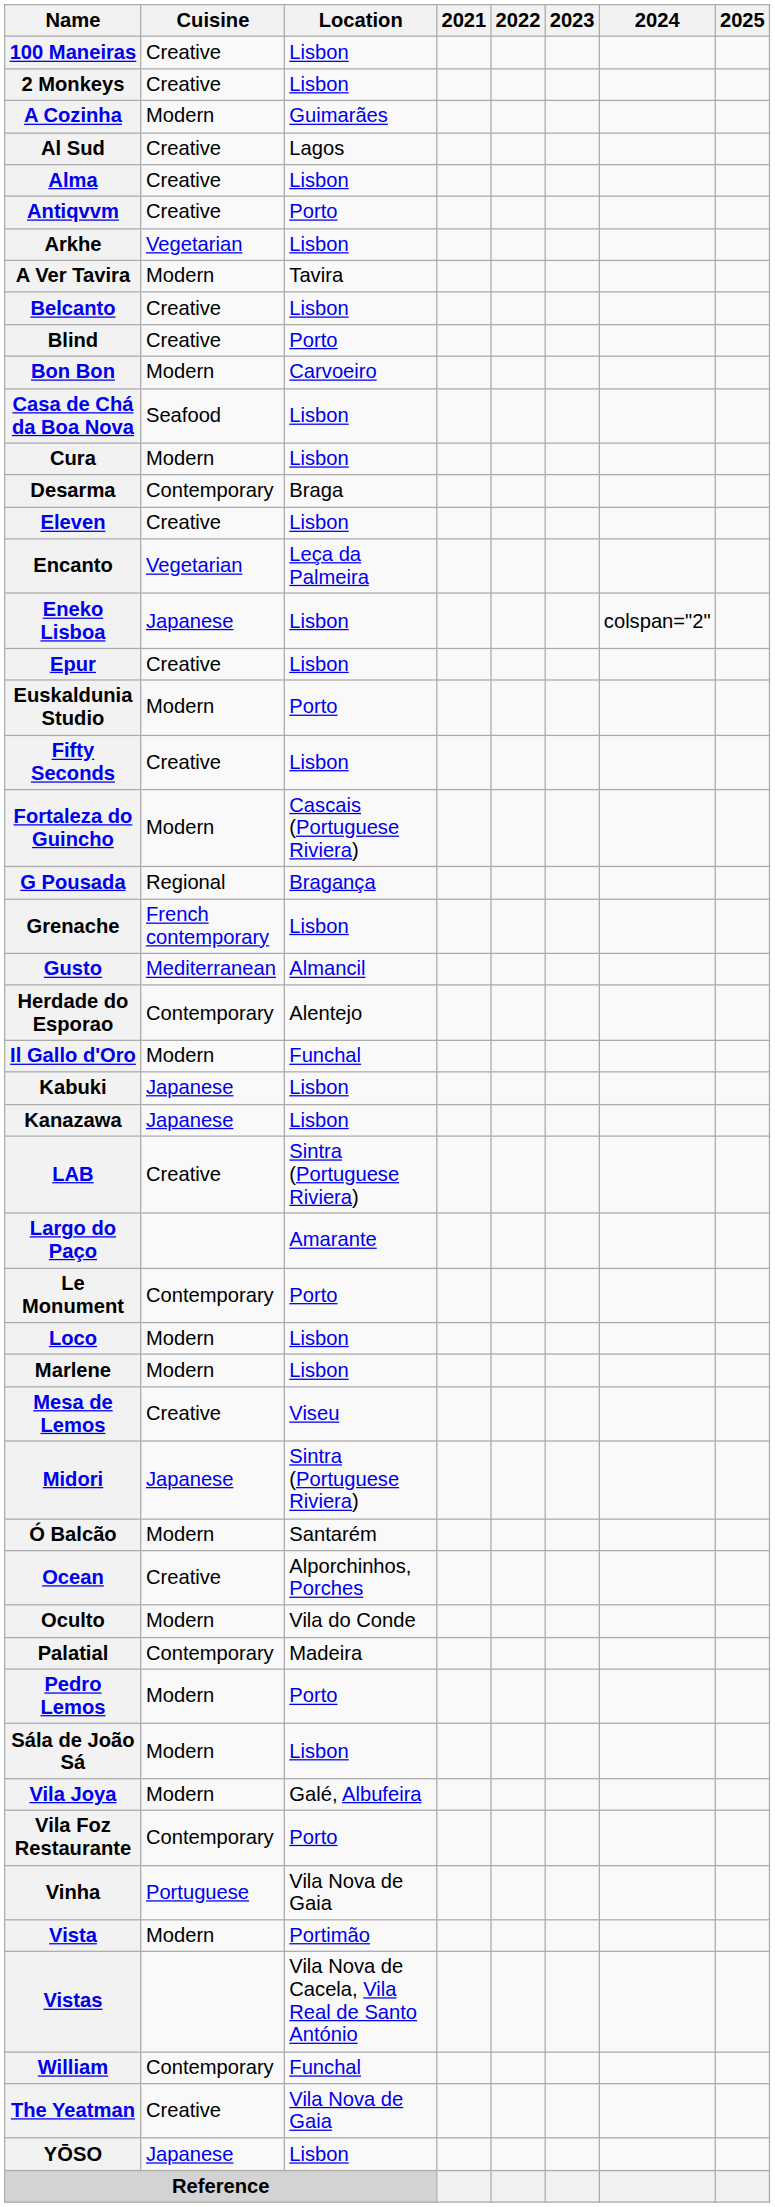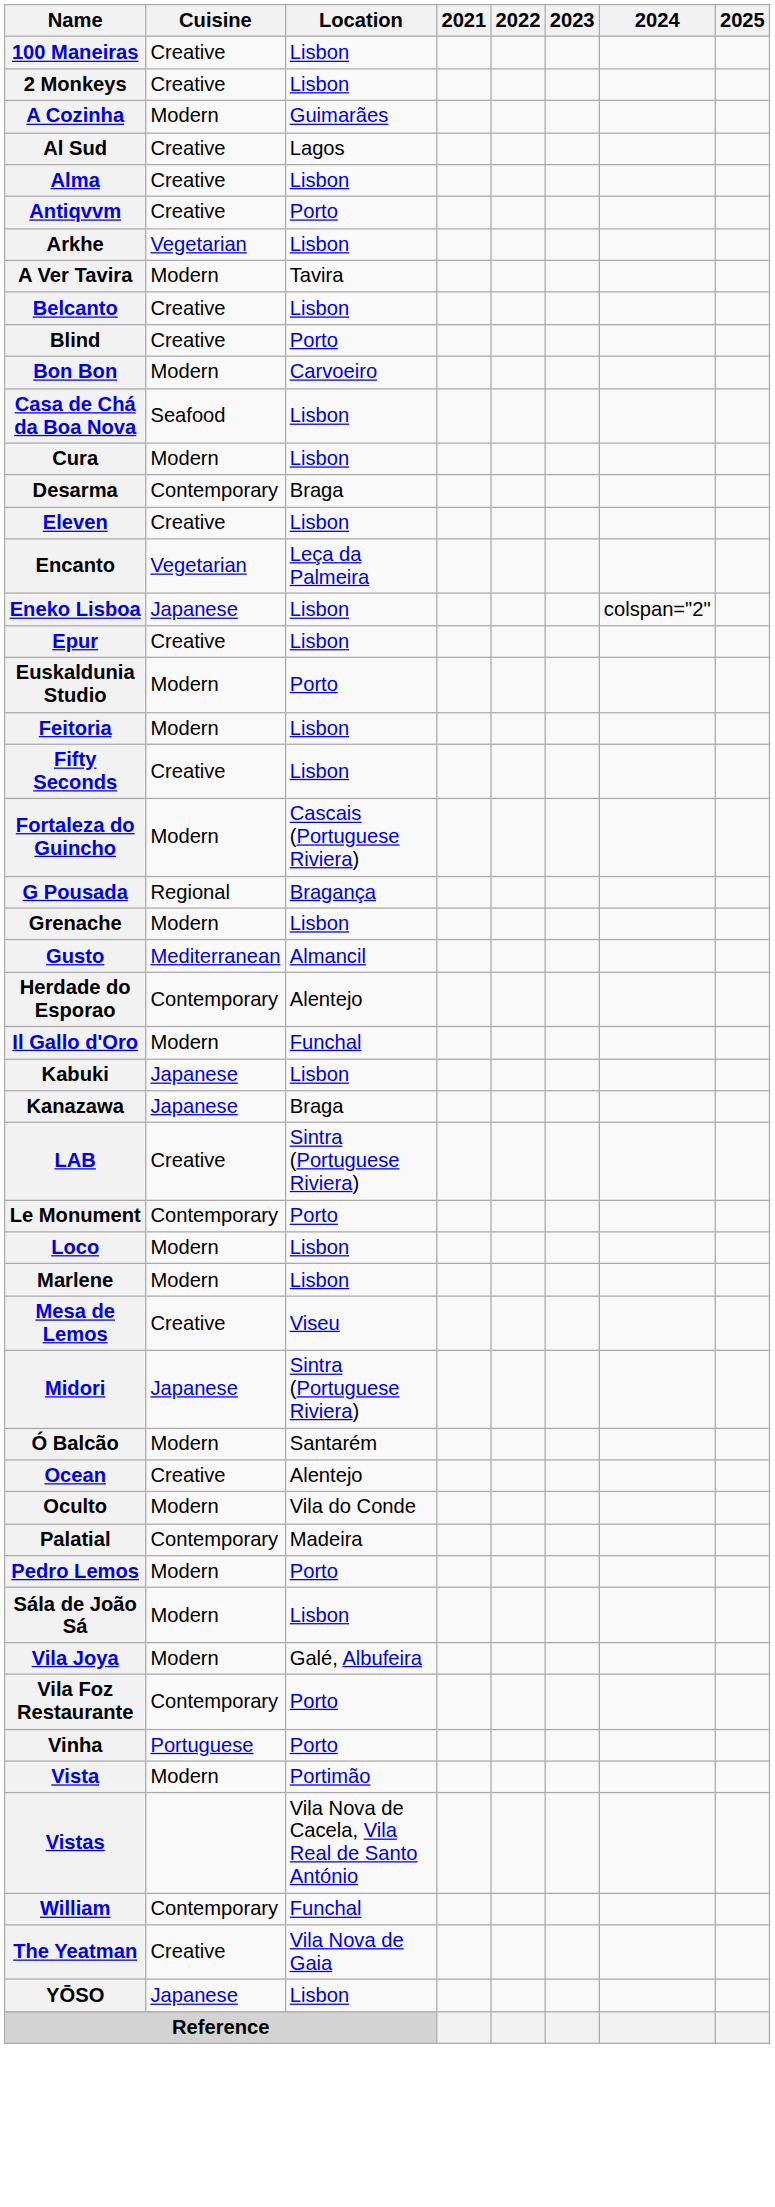 <table class="wikitable sortable plainrowheaders" style="text-align:left;"">
 <tr>
 <th scope="col">Name</th>
 <th scope="col">Cuisine</th>
 <th scope="col">Location</th>
 <th scope="col">2021</th>
 <th scope="col">2022</th>
 <th scope="col">2023</th>
 <th scope="col">2024</th>
 <th scope="col">2025</th>
 </tr>
 <tr>
 <th scope="row"><a href='#'>100 Maneiras</a></th>
 <td>Creative</td>
 <td><a href='#'>Lisbon</a></td>
 <td></td>
 <td></td>
 <td></td>
 <td></td>
 <td></td>
 </tr>
 <tr>
 <th scope="row">2 Monkeys</th>
 <td>Creative</td>
 <td><a href='#'>Lisbon</a></td>
 <td></td>
 <td></td>
 <td></td>
 <td></td>
 <td></td>
 </tr>
 <tr>
 <th scope="row"><a href='#'>A Cozinha</a></th>
 <td>Modern</td>
 <td><a href='#'>Guimarães</a></td>
 <td></td>
 <td></td>
 <td></td>
 <td></td>
 <td></td>
 </tr>
 <tr>
 <th scope="row">Al Sud</th>
 <td>Creative</td>
 <td>Lagos</td>
 <td></td>
 <td></td>
 <td></td>
 <td></td>
 <td></td>
 </tr>
 <tr>
 <th scope="row"><a href='#'>Alma</a></th>
 <td>Creative</td>
 <td><a href='#'>Lisbon</a></td>
 <td></td>
 <td></td>
 <td></td>
 <td></td>
 <td></td>
 </tr>
 <tr>
 <th scope="row"><a href='#'>Antiqvvm</a></th>
 <td>Creative</td>
 <td><a href='#'>Porto</a></td>
 <td></td>
 <td></td>
 <td></td>
 <td></td>
 <td></td>
 </tr>
 <tr>
 <th scope="row">Arkhe</th>
 <td><a href='#'>Vegetarian</a></td>
 <td><a href='#'>Lisbon</a></td>
 <td></td>
 <td></td>
 <td></td>
 <td></td>
 <td></td>
 </tr>
 <tr>
 <th scope="row">A Ver Tavira</th>
 <td>Modern</td>
 <td>Tavira</td>
 <td></td>
 <td></td>
 <td></td>
 <td></td>
 <td></td>
 </tr>
 <tr>
 <th scope="row"><a href='#'>Belcanto</a></th>
 <td>Creative</td>
 <td><a href='#'>Lisbon</a></td>
 <td></td>
 <td></td>
 <td></td>
 <td></td>
 <td></td>
 </tr>
 <tr>
 <th scope="row">Blind</th>
 <td>Creative</td>
 <td><a href='#'>Porto</a></td>
 <td></td>
 <td></td>
 <td></td>
 <td></td>
 <td></td>
 </tr>
 <tr>
 <th scope="row"><a href='#'>Bon Bon</a></th>
 <td>Modern</td>
 <td><a href='#'> Carvoeiro</a></td>
 <td></td>
 <td></td>
 <td></td>
 <td></td>
 <td></td>
 </tr>
 <tr>
 <th scope="row"><a href='#'>Casa de Chá da Boa Nova</a></th>
 <td>Seafood</td>
 <td><a href='#'>Lisbon</a></td>
 <td></td>
 <td></td>
 <td></td>
 <td></td>
 <td></td>
 </tr>
 <tr>
 <th scope="row">Cura</th>
 <td>Modern</td>
 <td><a href='#'>Lisbon</a></td>
 <td></td>
 <td></td>
 <td></td>
 <td></td>
 <td></td>
 </tr>
 <tr>
 <th scope="row">Desarma</th>
 <td>Contemporary</td>
 <td>Braga</td>
 <td></td>
 <td></td>
 <td></td>
 <td></td>
 <td></td>
 </tr>
 <tr>
 <th scope="row"><a href='#'>Eleven</a></th>
 <td>Creative</td>
 <td><a href='#'>Lisbon</a></td>
 <td></td>
 <td></td>
 <td></td>
 <td></td>
 <td></td>
 </tr>
 <tr>
 <th scope="row">Encanto</th>
 <td><a href='#'>Vegetarian</a></td>
 <td><a href='#'>Leça da Palmeira</a></td>
 <td></td>
 <td></td>
 <td></td>
 <td></td>
 <td></td>
 </tr>
 <tr>
 <th scope="row"><a href='#'>Eneko Lisboa</a></th>
 <td><a href='#'>Japanese</a></td>
 <td><a href='#'>Lisbon</a></td>
 <td></td>
 <td></td>
 <td></td>
 <td>colspan="2" </td>
 </tr>
 <tr>
 <th scope="row"><a href='#'>Epur</a></th>
 <td>Creative</td>
 <td><a href='#'>Lisbon</a></td>
 <td></td>
 <td></td>
 <td></td>
 <td></td>
 <td></td>
 </tr>
 <tr>
 <th scope="row">Euskaldunia Studio</th>
 <td>Modern</td>
 <td><a href='#'>Porto</a></td>
 <td></td>
 <td></td>
 <td></td>
 <td></td>
 <td></td>
 </tr>
 <tr>
+<th scope="row"><a href='#'>Feitoria</a></th>
+<td>Modern</td>
+<td><a href='#'>Lisbon</a></td>
+<td></td>
+<td></td>
+<td></td>
+<td></td>
+<td></td>
+</tr>
+<tr>
 <th scope="row"><a href='#'>Fifty Seconds</a></th>
 <td>Creative</td>
 <td><a href='#'>Lisbon</a></td>
 <td></td>
 <td></td>
 <td></td>
 <td></td>
 <td></td>
 </tr>
 <tr>
 <th scope="row"><a href='#'>Fortaleza do Guincho</a></th>
 <td>Modern</td>
 <td><a href='#'>Cascais</a> (<a href='#'>Portuguese Riviera</a>)</td>
 <td></td>
 <td></td>
 <td></td>
 <td></td>
 <td></td>
 </tr>
 <tr>
 <th scope="row"><a href='#'>G Pousada</a></th>
 <td>Regional</td>
 <td><a href='#'>Bragança</a></td>
 <td></td>
 <td></td>
 <td></td>
 <td></td>
 <td></td>
 </tr>
 <tr>
 <th scope="row">Grenache</th>
-<td><a href='#'>French contemporary</a></td>
+<td>Modern</td>
 <td><a href='#'>Lisbon</a></td>
 <td></td>
 <td></td>
 <td></td>
 <td></td>
 <td></td>
 </tr>
 <tr>
 <th scope="row"><a href='#'>Gusto</a></th>
 <td><a href='#'>Mediterranean</a></td>
 <td><a href='#'>Almancil</a></td>
 <td></td>
 <td></td>
 <td></td>
 <td></td>
 <td></td>
 </tr>
 <tr>
 <th scope="row">Herdade do Esporao</th>
 <td>Contemporary</td>
 <td>Alentejo</td>
 <td></td>
 <td></td>
 <td></td>
 <td></td>
 <td></td>
 </tr>
 <tr>
 <th scope="row"><a href='#'>Il Gallo d'Oro</a></th>
 <td>Modern</td>
 <td><a href='#'>Funchal</a></td>
 <td></td>
 <td></td>
 <td></td>
 <td></td>
 <td></td>
 </tr>
 <tr>
 <th scope="row">Kabuki</th>
 <td><a href='#'>Japanese</a></td>
 <td><a href='#'>Lisbon</a></td>
 <td></td>
 <td></td>
 <td></td>
 <td></td>
 <td></td>
 </tr>
 <tr>
 <th scope="row">Kanazawa</th>
 <td><a href='#'>Japanese</a></td>
-<td><a href='#'>Lisbon</a></td>
+<td>Braga</td>
 <td></td>
 <td></td>
 <td></td>
 <td></td>
 <td></td>
 </tr>
 <tr>
 <th scope="row"><a href='#'>LAB</a></th>
 <td>Creative</td>
 <td><a href='#'>Sintra</a> (<a href='#'>Portuguese Riviera</a>)</td>
-<td></td>
-<td></td>
-<td></td>
-<td></td>
-<td></td>
-</tr>
-<tr>
-<th scope="row"><a href='#'>Largo do Paço</a></th>
-<td></td>
-<td><a href='#'>Amarante</a></td>
 <td></td>
 <td></td>
 <td></td>
 <td></td>
 <td></td>
 </tr>
 <tr>
 <th scope="row">Le Monument</th>
 <td>Contemporary</td>
 <td><a href='#'>Porto</a></td>
 <td></td>
 <td></td>
 <td></td>
 <td></td>
 <td></td>
 </tr>
 <tr>
 <th scope="row"><a href='#'>Loco</a></th>
 <td>Modern</td>
 <td><a href='#'>Lisbon</a></td>
 <td></td>
 <td></td>
 <td></td>
 <td></td>
 <td></td>
 </tr>
 <tr>
 <th scope="row">Marlene</th>
 <td>Modern</td>
 <td><a href='#'>Lisbon</a></td>
 <td></td>
 <td></td>
 <td></td>
 <td></td>
 <td></td>
 </tr>
 <tr>
 <th scope="row"><a href='#'>Mesa de Lemos</a></th>
 <td>Creative</td>
 <td><a href='#'>Viseu</a></td>
 <td></td>
 <td></td>
 <td></td>
 <td></td>
 <td></td>
 </tr>
 <tr>
 <th scope="row"><a href='#'>Midori</a></th>
 <td><a href='#'>Japanese</a></td>
 <td><a href='#'>Sintra</a> (<a href='#'>Portuguese Riviera</a>)</td>
 <td></td>
 <td></td>
 <td></td>
 <td></td>
 <td></td>
 </tr>
 <tr>
 <th scope="row">Ó Balcão</th>
 <td>Modern</td>
 <td>Santarém</td>
 <td></td>
 <td></td>
 <td></td>
 <td></td>
 <td></td>
 </tr>
 <tr>
 <th scope="row"><a href='#'>Ocean</a></th>
 <td>Creative</td>
-<td>Alporchinhos, <a href='#'> Porches</a></td>
+<td>Alentejo</td>
 <td></td>
 <td></td>
 <td></td>
 <td></td>
 <td></td>
 </tr>
 <tr>
 <th scope="row">Oculto</th>
 <td>Modern</td>
 <td>Vila do Conde</td>
 <td></td>
 <td></td>
 <td></td>
 <td></td>
 <td></td>
 </tr>
 <tr>
 <th scope="row">Palatial</th>
 <td>Contemporary</td>
 <td>Madeira</td>
 <td></td>
 <td></td>
 <td></td>
 <td></td>
 <td></td>
 </tr>
 <tr>
 <th scope="row"><a href='#'>Pedro Lemos</a></th>
 <td>Modern</td>
 <td><a href='#'>Porto</a></td>
 <td></td>
 <td></td>
 <td></td>
 <td></td>
 <td></td>
 </tr>
 <tr>
 <th scope="row">Sála de João Sá</th>
 <td>Modern</td>
 <td><a href='#'>Lisbon</a></td>
 <td></td>
 <td></td>
 <td></td>
 <td></td>
 <td></td>
 </tr>
 <tr>
 <th scope="row"><a href='#'>Vila Joya</a></th>
 <td>Modern</td>
 <td>Galé, <a href='#'>Albufeira</a></td>
 <td></td>
 <td></td>
 <td></td>
 <td></td>
 <td></td>
 </tr>
 <tr>
 <th scope="row">Vila Foz Restaurante</th>
 <td>Contemporary</td>
 <td><a href='#'>Porto</a></td>
 <td></td>
 <td></td>
 <td></td>
 <td></td>
 <td></td>
 </tr>
 <tr>
 <th scope="row">Vinha</th>
 <td><a href='#'>Portuguese</a></td>
-<td>Vila Nova de Gaia</td>
+<td><a href='#'>Porto</a></td>
 <td></td>
 <td></td>
 <td></td>
 <td></td>
 <td></td>
 </tr>
 <tr>
 <th scope="row"><a href='#'>Vista</a></th>
 <td>Modern</td>
 <td><a href='#'>Portimão</a></td>
 <td></td>
 <td></td>
 <td></td>
 <td></td>
 <td></td>
 </tr>
 <tr>
 <th scope="row"><a href='#'>Vistas</a></th>
 <td></td>
 <td>Vila Nova de Cacela, <a href='#'>Vila Real de Santo António</a></td>
 <td></td>
 <td></td>
 <td></td>
 <td></td>
 <td></td>
 </tr>
 <tr>
 <th scope="row"><a href='#'>William</a></th>
 <td>Contemporary</td>
 <td><a href='#'>Funchal</a></td>
 <td></td>
 <td></td>
 <td></td>
 <td></td>
 <td></td>
 </tr>
 <tr>
 <th scope="row"><a href='#'>The Yeatman</a></th>
 <td>Creative</td>
 <td><a href='#'>Vila Nova de Gaia</a></td>
 <td></td>
 <td></td>
 <td></td>
 <td></td>
 <td></td>
 </tr>
 <tr>
 <th scope="row">YŌSO</th>
 <td><a href='#'>Japanese</a></td>
 <td><a href='#'>Lisbon</a></td>
 <td></td>
 <td></td>
 <td></td>
 <td></td>
 <td></td>
 </tr>
 <tr>
 <th colspan="3" style="text-align: center;background: lightgray;">Reference</th>
 <th></th>
 <th></th>
 <th></th>
 <th></th>
 <th></th>
 </tr>
 </table>
